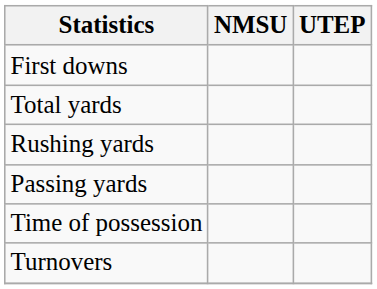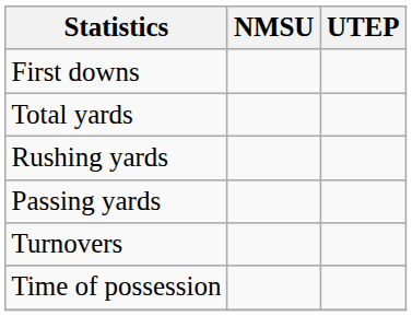 <table class="wikitable" style="float: left;">
 <tr>
 <th>Statistics</th>
 <th>NMSU</th>
 <th>UTEP</th>
 </tr>
 <tr>
 <td>First downs</td>
 <td></td>
 <td></td>
 </tr>
 <tr>
 <td>Total yards</td>
 <td></td>
 <td></td>
 </tr>
 <tr>
 <td>Rushing yards</td>
 <td></td>
 <td></td>
 </tr>
 <tr>
 <td>Passing yards</td>
 <td></td>
 <td></td>
 </tr>
 <tr>
-<td>Time of possession</td>
+<td>Turnovers</td>
 <td></td>
 <td></td>
 </tr>
 <tr>
-<td>Turnovers</td>
+<td>Time of possession</td>
 <td></td>
 <td></td>
 </tr>
 <tr>
 </tr>
 </table>
